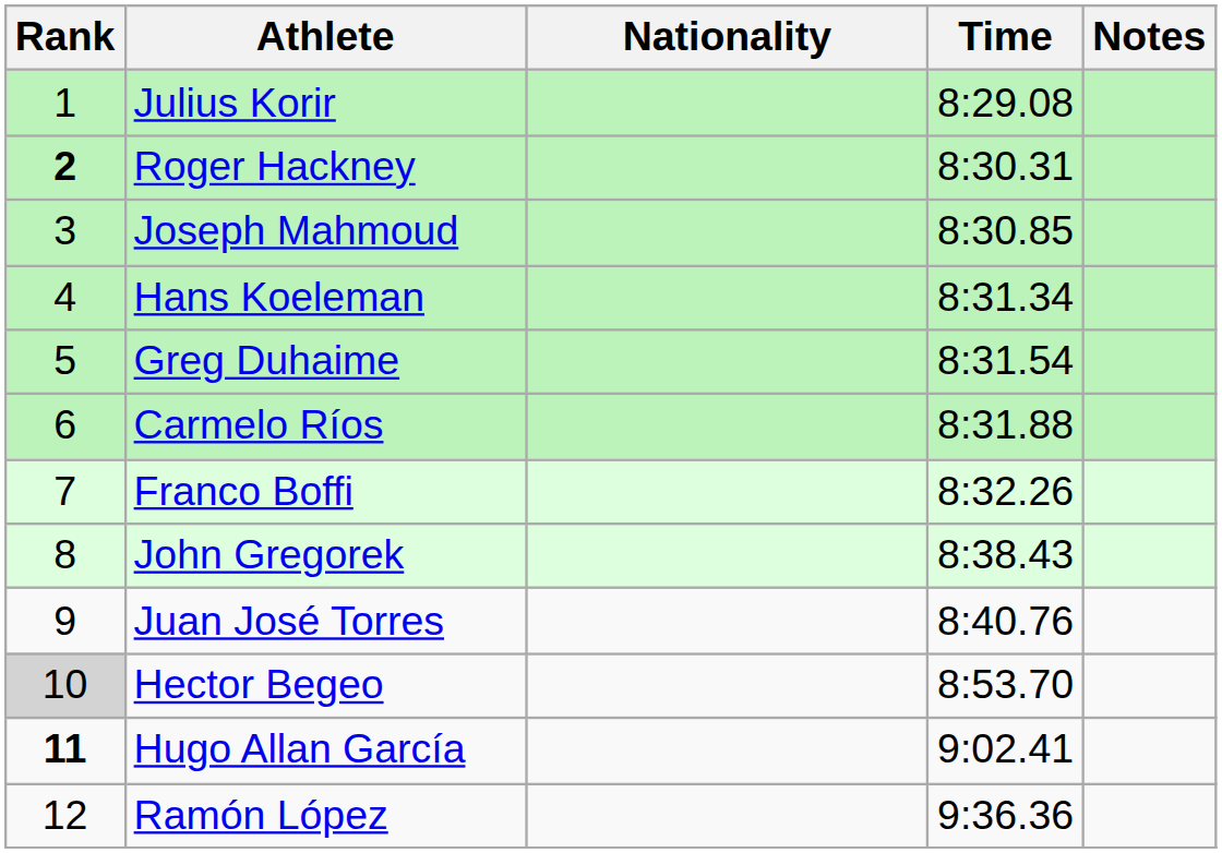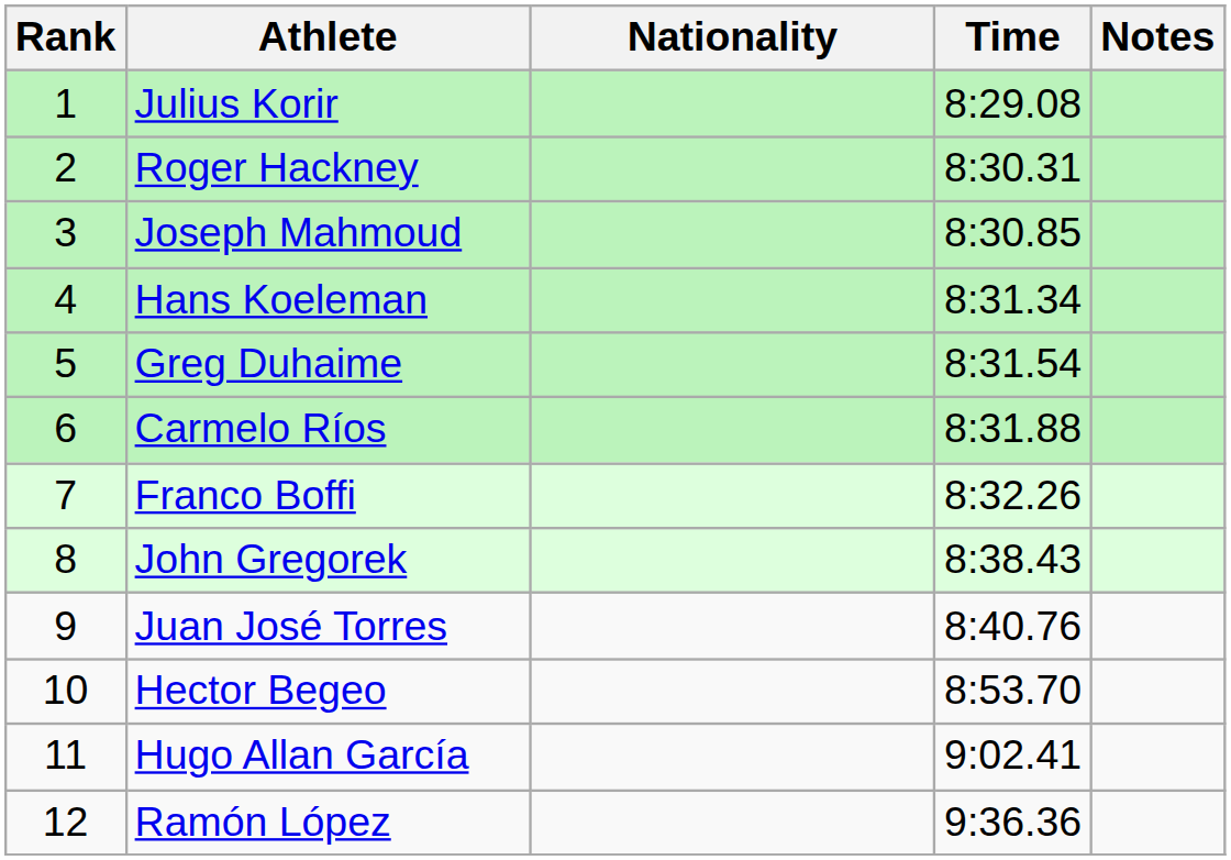 <table class="wikitable sortable" style="text-align:center">
 <tr>
 <th width=30>Rank</th>
 <th width=150>Athlete</th>
 <th width=150>Nationality</th>
 <th width=30>Time</th>
 <th width=30>Notes</th>
 </tr>
 <tr bgcolor=bbf3bb>
 <td>1</td>
 <td align="left"><a href='#'>Julius Korir</a></td>
 <td align="left"></td>
 <td>8:29.08</td>
 <td></td>
 </tr>
 <tr bgcolor=bbf3bb>
-<td><strong>2</strong></td>
+<td>2</td>
 <td align="left"><a href='#'>Roger Hackney</a></td>
 <td align="left"></td>
 <td>8:30.31</td>
 <td></td>
 </tr>
 <tr bgcolor=bbf3bb>
 <td>3</td>
 <td align="left"><a href='#'>Joseph Mahmoud</a></td>
 <td align="left"></td>
 <td>8:30.85</td>
 <td></td>
 </tr>
 <tr bgcolor=bbf3bb>
 <td>4</td>
 <td align="left"><a href='#'>Hans Koeleman</a></td>
 <td align="left"></td>
 <td>8:31.34</td>
 <td></td>
 </tr>
 <tr bgcolor=bbf3bb>
 <td>5</td>
 <td align="left"><a href='#'>Greg Duhaime</a></td>
 <td align="left"></td>
 <td>8:31.54</td>
 <td></td>
 </tr>
 <tr bgcolor=bbf3bb>
 <td>6</td>
 <td align="left"><a href='#'>Carmelo Ríos</a></td>
 <td align="left"></td>
 <td>8:31.88</td>
 <td></td>
 </tr>
 <tr bgcolor=#ddffdd>
 <td>7</td>
 <td align="left"><a href='#'>Franco Boffi</a></td>
 <td align="left"></td>
 <td>8:32.26</td>
 <td></td>
 </tr>
 <tr bgcolor=#ddffdd>
 <td>8</td>
 <td align="left"><a href='#'>John Gregorek</a></td>
 <td align="left"></td>
 <td>8:38.43</td>
 <td></td>
 </tr>
 <tr>
 <td>9</td>
 <td align="left"><a href='#'>Juan José Torres</a></td>
 <td align="left"></td>
 <td>8:40.76</td>
 <td></td>
 </tr>
 <tr>
-<td style="background: lightgrey;">10</td>
+<td>10</td>
 <td align="left"><a href='#'>Hector Begeo</a></td>
 <td align="left"></td>
 <td>8:53.70</td>
 <td></td>
 </tr>
 <tr>
-<td><strong>11</strong></td>
+<td>11</td>
 <td align="left"><a href='#'>Hugo Allan García</a></td>
 <td align="left"></td>
 <td>9:02.41</td>
 <td></td>
 </tr>
 <tr>
 <td>12</td>
 <td align="left"><a href='#'>Ramón López</a></td>
 <td align="left"></td>
 <td>9:36.36</td>
 <td></td>
 </tr>
 <tr>
 </tr>
 </table>
